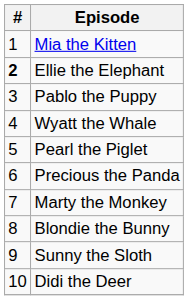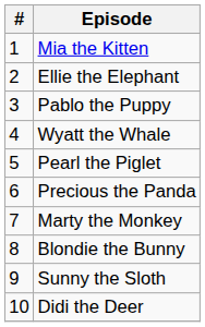 <table class="wikitable sortable">
 <tr>
 <th>#</th>
 <th>Episode</th>
 </tr>
 <tr>
 <td>1</td>
 <td><a href='#'>Mia the Kitten</a></td>
 </tr>
 <tr>
-<td><strong>2</strong></td>
+<td>2</td>
 <td>Ellie the Elephant</td>
 </tr>
 <tr>
 <td>3</td>
 <td>Pablo the Puppy</td>
 </tr>
 <tr>
 <td>4</td>
 <td>Wyatt the Whale</td>
 </tr>
 <tr>
 <td>5</td>
 <td>Pearl the Piglet</td>
 </tr>
 <tr>
 <td>6</td>
 <td>Precious the Panda</td>
 </tr>
 <tr>
 <td>7</td>
 <td>Marty the Monkey</td>
 </tr>
 <tr>
 <td>8</td>
 <td>Blondie the Bunny</td>
 </tr>
 <tr>
 <td>9</td>
 <td>Sunny the Sloth</td>
 </tr>
 <tr>
 <td>10</td>
 <td>Didi the Deer</td>
 </tr>
 <tr>
 </tr>
 </table>
